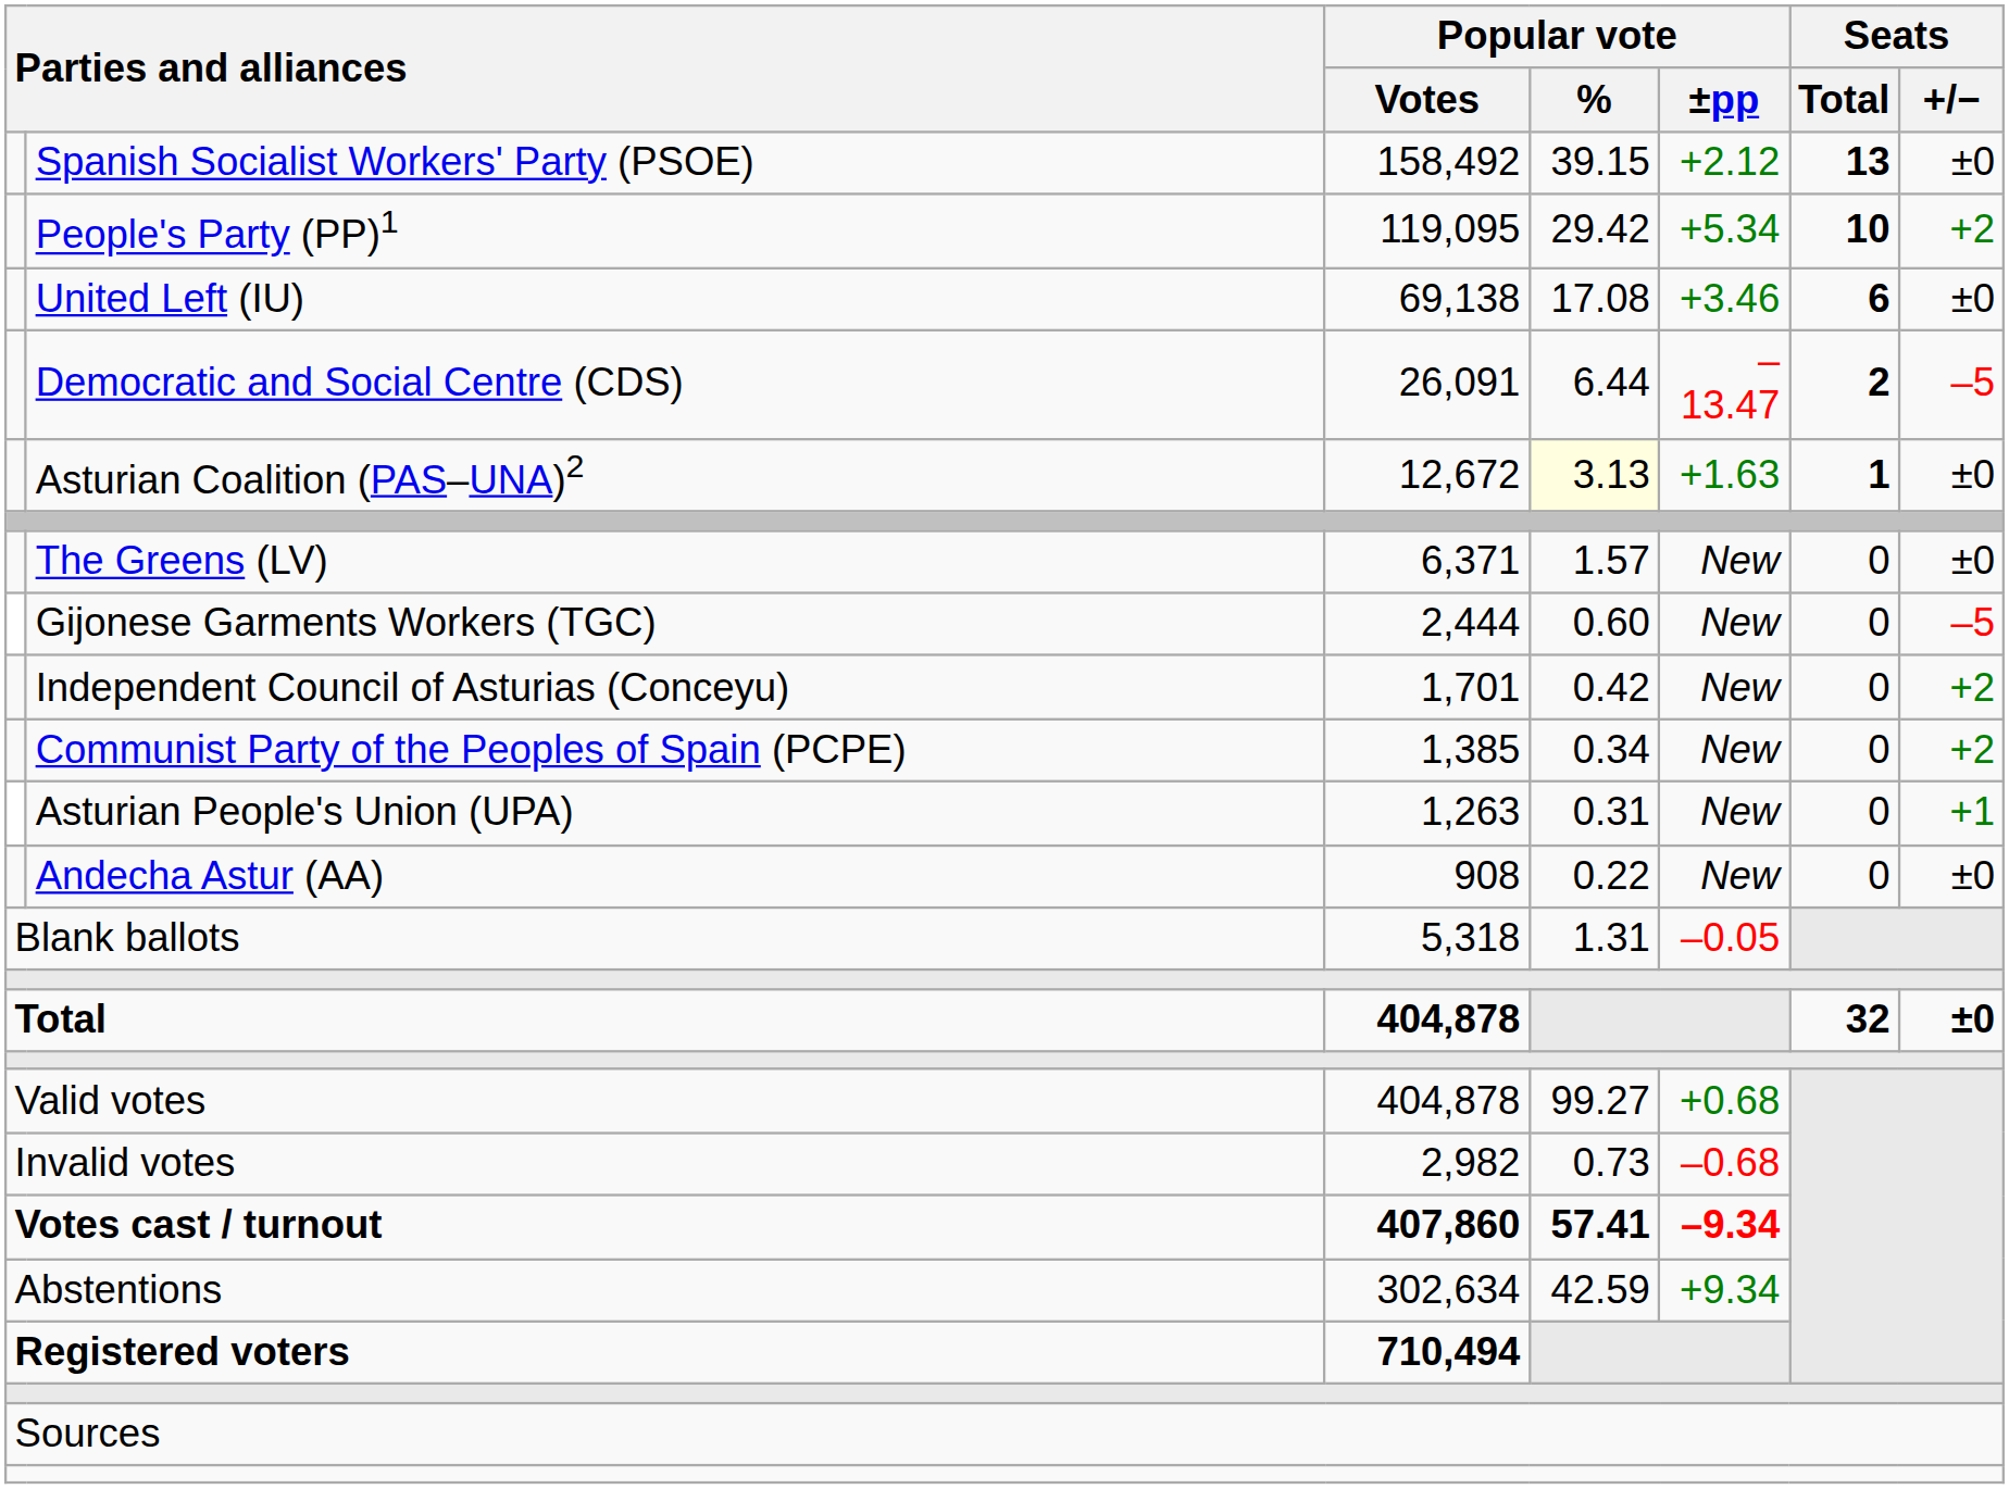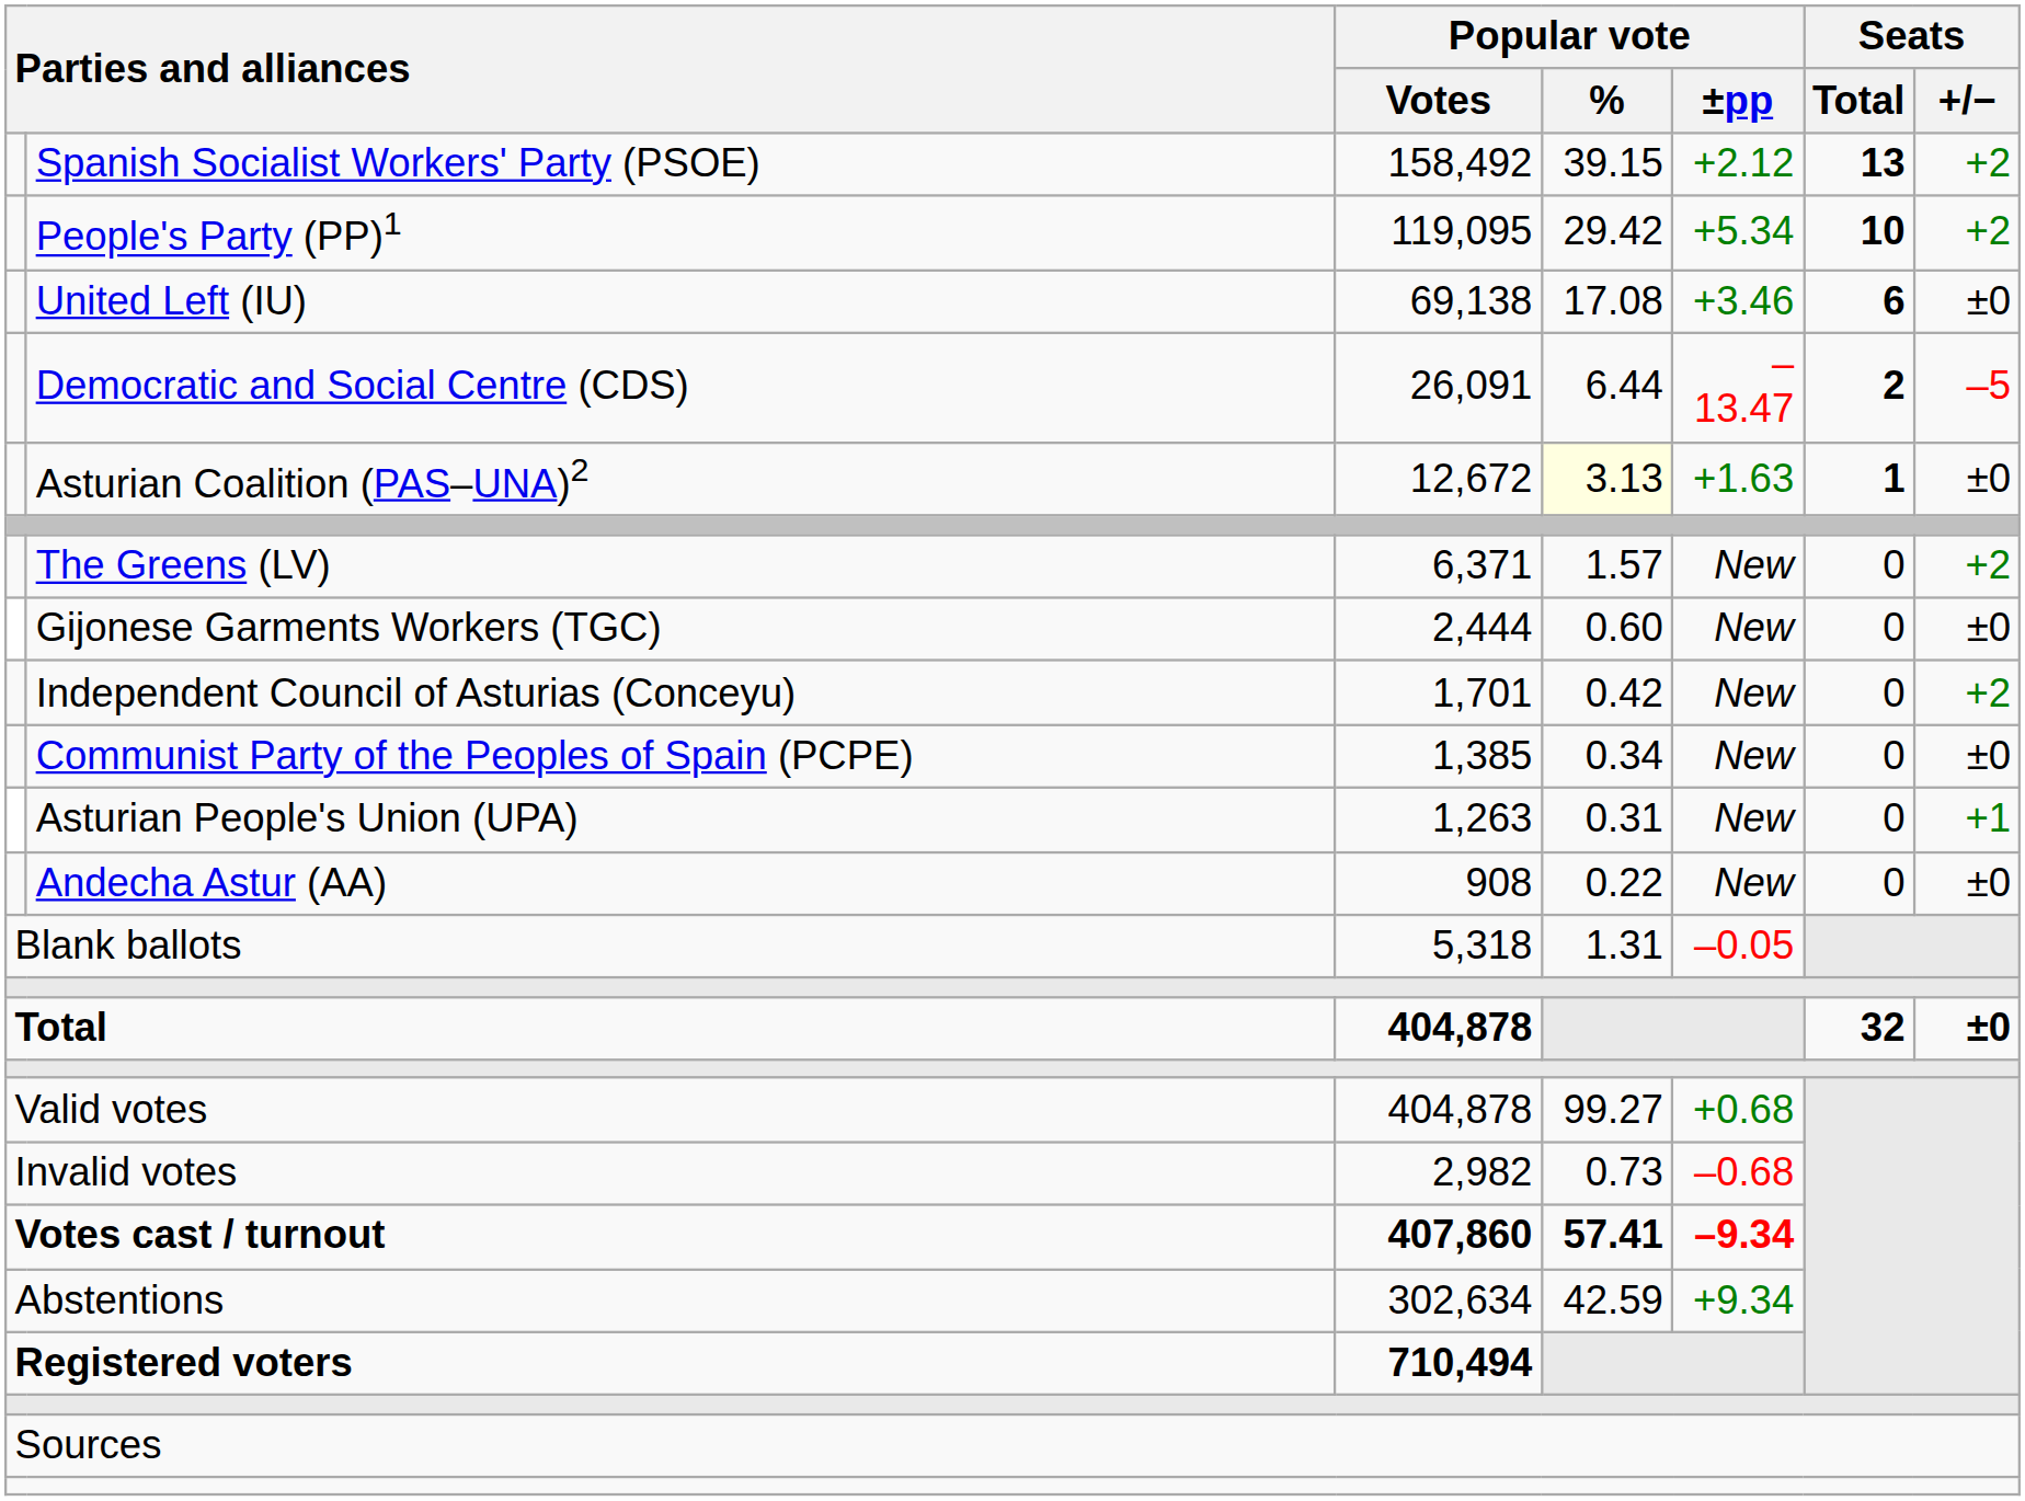 <table class="wikitable" style="text-align:right;">
 <tr>
 <th style="text-align:left;" rowspan="2" colspan="2" width="525">Parties and alliances</th>
 <th colspan="3">Popular vote</th>
 <th colspan="2">Seats</th>
 </tr>
 <tr>
 <th width="75">Votes</th>
 <th width="45">%</th>
 <th width="45">±<a href='#'>pp</a></th>
 <th width="35">Total</th>
 <th width="35">+/−</th>
 </tr>
 <tr>
 <td width="1" style="color:inherit;background:"></td>
 <td align="left"><a href='#'>Spanish Socialist Workers' Party</a> (PSOE)</td>
 <td>158,492</td>
 <td>39.15</td>
 <td style="color:green;">+2.12</td>
 <td><strong>13</strong></td>
-<td>±0</td>
+<td style="color:green;">+2</td>
 </tr>
 <tr>
 <td style="color:inherit;background:"></td>
 <td align="left"><a href='#'>People's Party</a> (PP)<sup>1</sup></td>
 <td>119,095</td>
 <td>29.42</td>
 <td style="color:green;">+5.34</td>
 <td><strong>10</strong></td>
 <td style="color:green;">+2</td>
 </tr>
 <tr>
 <td style="color:inherit;background:"></td>
 <td align="left"><a href='#'>United Left</a> (IU)</td>
 <td>69,138</td>
 <td>17.08</td>
 <td style="color:green;">+3.46</td>
 <td><strong>6</strong></td>
 <td>±0</td>
 </tr>
 <tr>
 <td style="color:inherit;background:"></td>
 <td align="left"><a href='#'>Democratic and Social Centre</a> (CDS)</td>
 <td>26,091</td>
 <td>6.44</td>
 <td style="color:red;">–13.47</td>
 <td><strong>2</strong></td>
 <td style="color:red;">–5</td>
 </tr>
 <tr>
 <td style="color:inherit;background:"></td>
 <td align="left">Asturian Coalition (<a href='#'>PAS</a>–<a href='#'>UNA</a>)<sup>2</sup></td>
 <td>12,672</td>
 <td style="background: lightyellow;">3.13</td>
 <td style="color:green;">+1.63</td>
 <td><strong>1</strong></td>
 <td>±0</td>
 </tr>
 <tr>
 <td colspan="7" bgcolor="#C0C0C0"></td>
 </tr>
 <tr>
 <td style="color:inherit;background:"></td>
 <td align="left"><a href='#'>The Greens</a> (LV)</td>
 <td>6,371</td>
 <td>1.57</td>
 <td><em>New</em></td>
 <td>0</td>
-<td>±0</td>
+<td style="color:green;">+2</td>
 </tr>
 <tr>
 <td bgcolor="white"></td>
 <td align="left">Gijonese Garments Workers (TGC)</td>
 <td>2,444</td>
 <td>0.60</td>
 <td><em>New</em></td>
 <td>0</td>
-<td style="color:red;">–5</td>
+<td>±0</td>
 </tr>
 <tr>
 <td style="color:inherit;background:"></td>
 <td align="left">Independent Council of Asturias (Conceyu)</td>
 <td>1,701</td>
 <td>0.42</td>
 <td><em>New</em></td>
 <td>0</td>
 <td style="color:green;">+2</td>
 </tr>
 <tr>
 <td style="color:inherit;background:"></td>
 <td align="left"><a href='#'>Communist Party of the Peoples of Spain</a> (PCPE)</td>
 <td>1,385</td>
 <td>0.34</td>
 <td><em>New</em></td>
 <td>0</td>
-<td style="color:green;">+2</td>
+<td>±0</td>
 </tr>
 <tr>
 <td bgcolor="white"></td>
 <td align="left">Asturian People's Union (UPA)</td>
 <td>1,263</td>
 <td>0.31</td>
 <td><em>New</em></td>
 <td>0</td>
 <td style="color:green;">+1</td>
 </tr>
 <tr>
 <td style="color:inherit;background:"></td>
 <td align="left"><a href='#'>Andecha Astur</a> (AA)</td>
 <td>908</td>
 <td>0.22</td>
 <td><em>New</em></td>
 <td>0</td>
 <td>±0</td>
 </tr>
 <tr>
 <td align="left" colspan="2">Blank ballots</td>
 <td>5,318</td>
 <td>1.31</td>
 <td style="color:red;">–0.05</td>
 <td bgcolor="#E9E9E9" colspan="2"></td>
 </tr>
 <tr>
 <td colspan="7" bgcolor="#E9E9E9"></td>
 </tr>
 <tr style="font-weight:bold;">
 <td align="left" colspan="2">Total</td>
 <td>404,878</td>
 <td bgcolor="#E9E9E9" colspan="2"></td>
 <td>32</td>
 <td>±0</td>
 </tr>
 <tr>
 <td colspan="7" bgcolor="#E9E9E9"></td>
 </tr>
 <tr>
 <td align="left" colspan="2">Valid votes</td>
 <td>404,878</td>
 <td>99.27</td>
 <td style="color:green;">+0.68</td>
 <td bgcolor="#E9E9E9" colspan="2" rowspan="5"></td>
 </tr>
 <tr>
 <td align="left" colspan="2">Invalid votes</td>
 <td>2,982</td>
 <td>0.73</td>
 <td style="color:red;">–0.68</td>
 </tr>
 <tr style="font-weight:bold;">
 <td align="left" colspan="2">Votes cast / turnout</td>
 <td>407,860</td>
 <td>57.41</td>
 <td style="color:red;">–9.34</td>
 </tr>
 <tr>
 <td align="left" colspan="2">Abstentions</td>
 <td>302,634</td>
 <td>42.59</td>
 <td style="color:green;">+9.34</td>
 </tr>
 <tr style="font-weight:bold;">
 <td align="left" colspan="2">Registered voters</td>
 <td>710,494</td>
 <td bgcolor="#E9E9E9" colspan="2"></td>
 </tr>
 <tr>
 <td colspan="7" bgcolor="#E9E9E9"></td>
 </tr>
 <tr>
 <td align="left" colspan="7">Sources</td>
 </tr>
 <tr>
 <td colspan="7" style="text-align:left; max-width:790px;"></td>
 </tr>
 </table>
